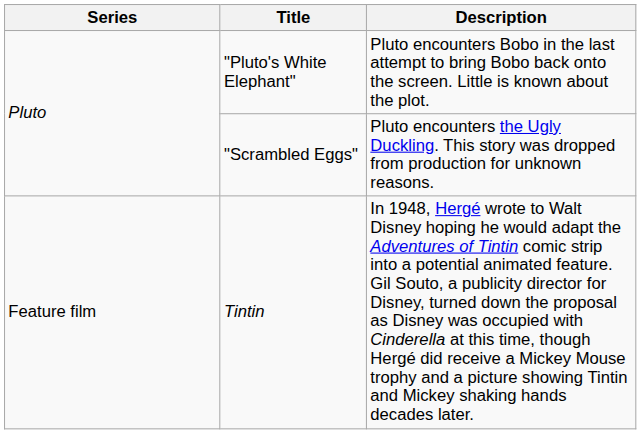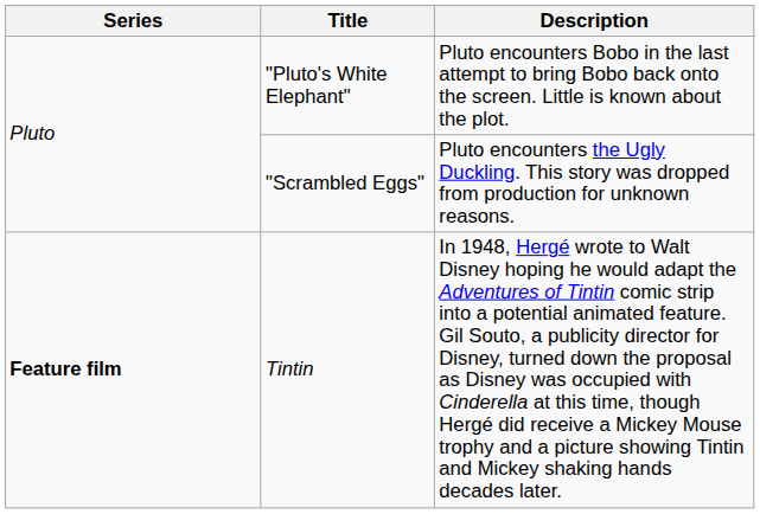 <table class="wikitable">
 <tr>
 <th style="width:150pt;">Series</th>
 <th style="width:100pt;">Title</th>
 <th>Description</th>
 </tr>
 <tr>
 <td rowspan="2"><em>Pluto</em></td>
 <td>"Pluto's White Elephant"</td>
 <td>Pluto encounters Bobo in the last attempt to bring Bobo back onto the screen. Little is known about the plot.</td>
 </tr>
 <tr>
 <td>"Scrambled Eggs"</td>
 <td>Pluto encounters <a href='#'>the Ugly Duckling</a>. This story was dropped from production for unknown reasons.</td>
 </tr>
 <tr>
-<td>Feature film</td>
+<td><strong>Feature film</strong></td>
 <td><em>Tintin</em></td>
 <td>In 1948, <a href='#'>Hergé</a> wrote to Walt Disney hoping he would adapt the <em><a href='#'>Adventures of Tintin</a></em> comic strip into a potential animated feature. Gil Souto, a publicity director for Disney, turned down the proposal as Disney was occupied with <em>Cinderella</em> at this time, though Hergé did receive a Mickey Mouse trophy and a picture showing Tintin and Mickey shaking hands decades later.</td>
 </tr>
 </table>
